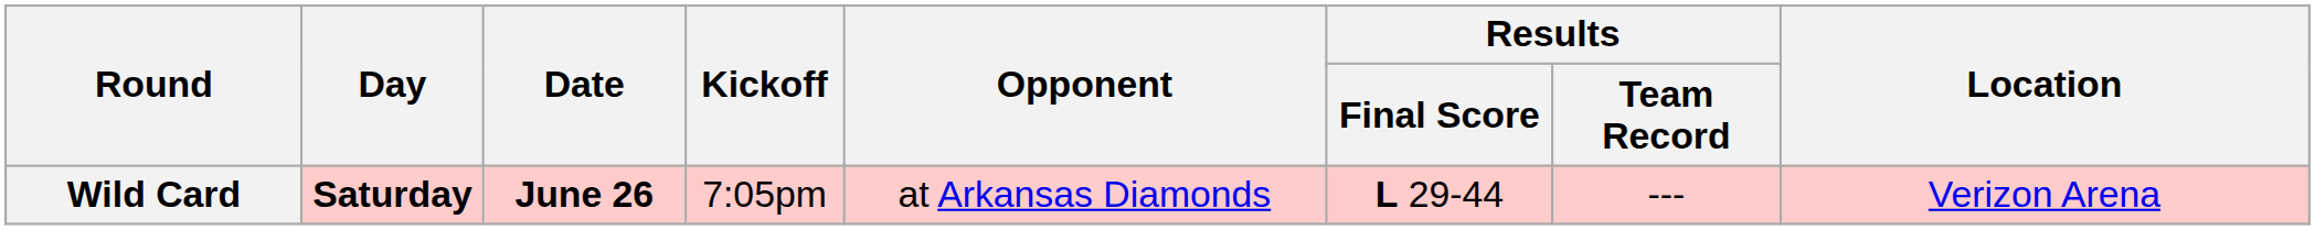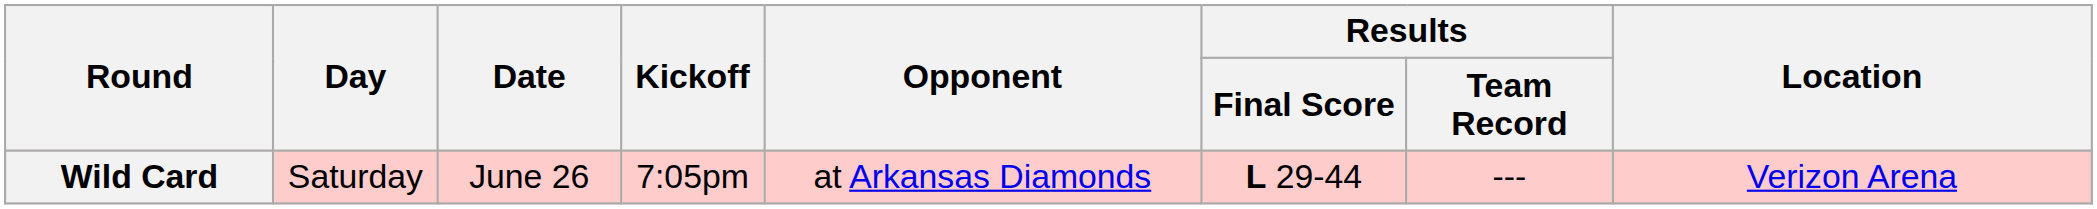 <table class="wikitable">
 <tr>
 <th rowspan="2" width="120">Round</th>
 <th rowspan="2" width="70">Day</th>
 <th rowspan="2" width="80">Date</th>
 <th rowspan="2" width="60">Kickoff</th>
 <th rowspan="2" width="200">Opponent</th>
 <th colspan="2" width="180">Results</th>
 <th rowspan="2" width="220">Location</th>
 </tr>
 <tr>
 <th width="90">Final Score</th>
 <th width="90">Team Record</th>
 </tr>
 <tr align="center" bgcolor="#FFCCCC">
 <th>Wild Card</th>
-<td align="center"><strong>Saturday</strong></td>
-<td align="center"><strong>June 26</strong></td>
+<td align="center">Saturday</td>
+<td align="center">June 26</td>
 <td align="center">7:05pm</td>
 <td align="center">at <a href='#'>Arkansas Diamonds</a></td>
 <td align="center"><strong>L</strong> 29-44</td>
 <td align="center">---</td>
 <td align="center"><a href='#'>Verizon Arena</a></td>
 </tr>
 </table>
